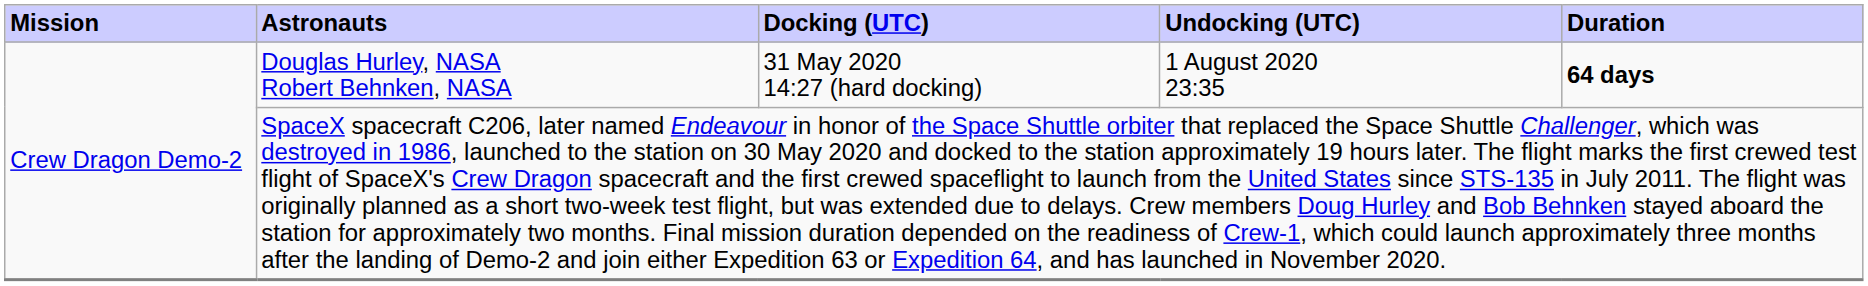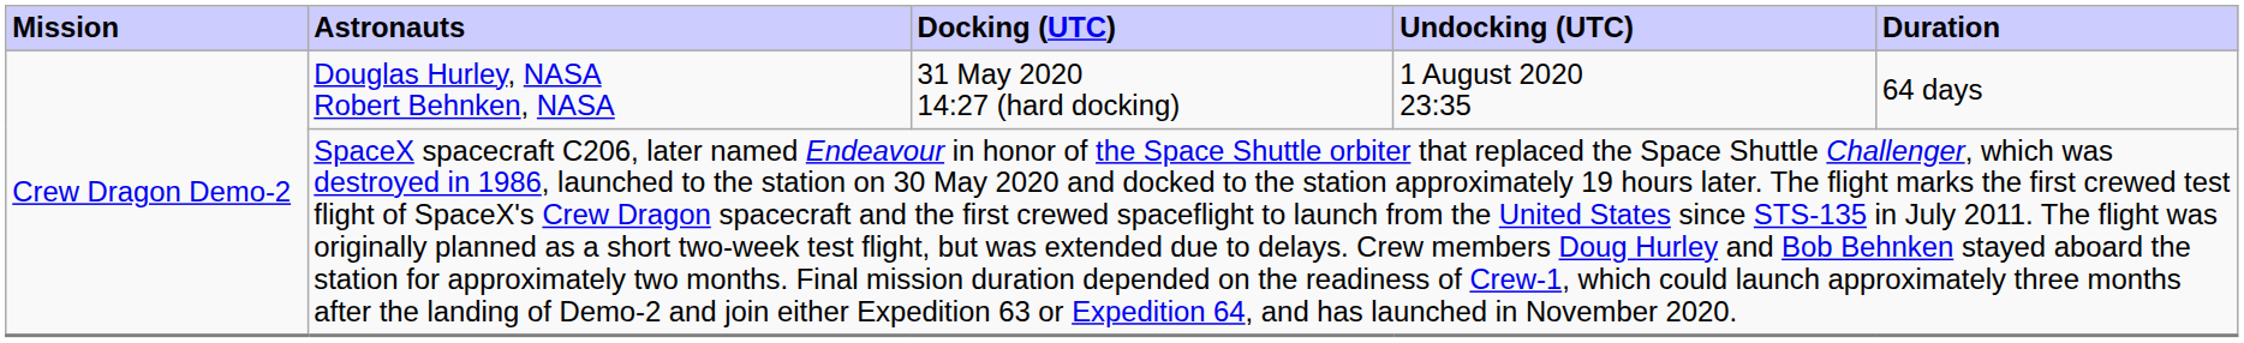 <table class="wikitable">
 <tr>
 <th width="10%" style="background:#ccccff;color:black;text-align:left"><strong>Mission</strong></th>
 <th width="20%" style="background:#ccccff;color:black;text-align:left"><strong>Astronauts</strong></th>
 <th width="16%" style="background:#ccccff;color:black;text-align:left"><strong>Docking (<a href='#'>UTC</a>)</strong></th>
 <th width="16%" style="background:#ccccff;color:black;text-align:left"><strong>Undocking</strong> (UTC)</th>
 <th width="12%" style="background:#ccccff;color:black;text-align:left"><strong>Duration</strong></th>
 </tr>
 <tr>
 <td rowspan=2 style="border-bottom:2px solid grey"><a href='#'>Crew Dragon Demo-2</a></td>
 <td> <a href='#'>Douglas Hurley</a>, <a href='#'>NASA</a><br> <a href='#'>Robert Behnken</a>, <a href='#'>NASA</a></td>
 <td>31 May 2020<br>14:27 (hard docking)</td>
 <td>1 August 2020<br> 23:35 </td>
-<td><strong>64 days</strong></td>
+<td>64 days</td>
 </tr>
 <tr style="border-bottom:2px solid grey">
 <td colspan=4><a href='#'>SpaceX</a> spacecraft C206, later named <a href='#'><em>Endeavour</em></a> in honor of <a href='#'>the Space Shuttle orbiter</a> that replaced the Space Shuttle <em><a href='#'>Challenger</a></em>, which was <a href='#'>destroyed in 1986</a>, launched to the station on 30 May 2020 and docked to the station approximately 19 hours later. The flight marks the first crewed test flight of SpaceX's <a href='#'>Crew Dragon</a> spacecraft and the first crewed spaceflight to launch from the <a href='#'>United States</a> since <a href='#'>STS-135</a> in July 2011. The flight was originally planned as a short two-week test flight, but was extended due to delays. Crew members <a href='#'>Doug Hurley</a> and <a href='#'>Bob Behnken</a> stayed aboard the station for approximately two months. Final mission duration depended on the readiness of <a href='#'>Crew-1</a>, which could launch approximately three months after the landing of Demo-2 and join either Expedition 63 or <a href='#'>Expedition 64</a>, and has launched in November 2020.</td>
 </tr>
 </table>
